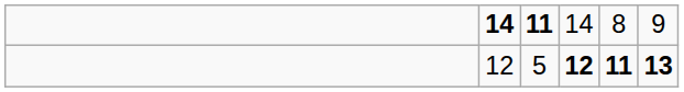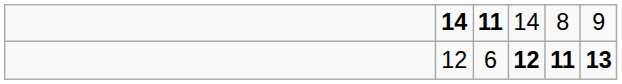 <table class="wikitable">
 <tr>
 <td style="width:18em"></td>
 <td align=center style="width:1em"><strong>14</strong></td>
 <td align=center style="width:1em"><strong>11</strong></td>
 <td align=center style="width:1em">14</td>
 <td align=center style="width:1em">8</td>
 <td align=center style="width:1em">9</td>
 </tr>
 <tr>
 <td style="width:18em"></td>
 <td align=center style="width:1em">12</td>
-<td align=center style="width:1em">5</td>
+<td align=center style="width:1em">6</td>
 <td align=center style="width:1em"><strong>12</strong></td>
 <td align=center style="width:1em"><strong>11</strong></td>
 <td align=center style="width:1em"><strong>13</strong></td>
 </tr>
 </table>
